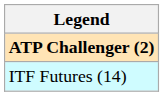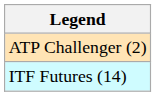 <table class=wikitable style=font-size:97%>
 <tr>
 <th>Legend</th>
 </tr>
 <tr bgcolor=moccasin>
-<td><strong>ATP Challenger (2)</strong></td>
+<td>ATP Challenger (2)</td>
 </tr>
 <tr bgcolor=cffcff>
 <td>ITF Futures (14)</td>
 </tr>
 </table>
